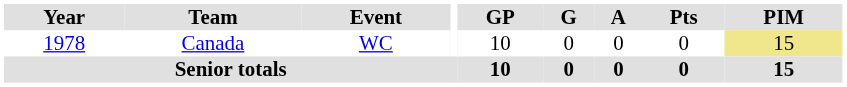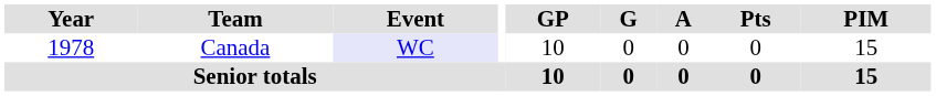 <table border="0" cellpadding="1" cellspacing="0" ID="Table3" style="text-align:center; width:40em">
 <tr bgcolor="#e0e0e0">
 <th>Year</th>
 <th>Team</th>
 <th>Event</th>
 <th rowspan="102" bgcolor="#ffffff"></th>
 <th>GP</th>
 <th>G</th>
 <th>A</th>
 <th>Pts</th>
 <th>PIM</th>
 </tr>
 <tr>
 <td><a href='#'>1978</a></td>
 <td><a href='#'>Canada</a></td>
-<td><a href='#'>WC</a></td>
+<td style="background: lavender;"><a href='#'>WC</a></td>
 <td>10</td>
 <td>0</td>
 <td>0</td>
 <td>0</td>
-<td style="background: khaki;">15</td>
+<td>15</td>
 </tr>
 <tr bgcolor="#e0e0e0">
 <th colspan="4">Senior totals</th>
 <th>10</th>
 <th>0</th>
 <th>0</th>
 <th>0</th>
 <th>15</th>
 </tr>
 </table>
